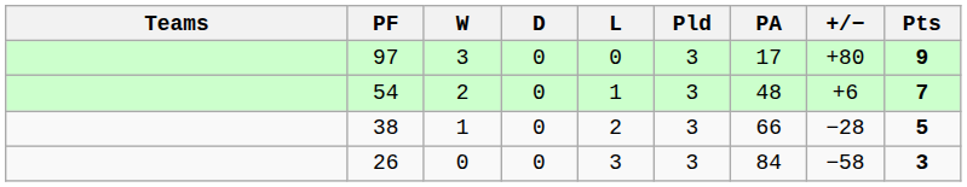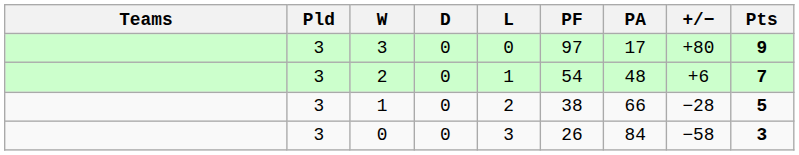 <table class="wikitable" style="text-align: center;">
 <tr>
 <th width="200">Teams</th>
-<th width="40">PF</th>
+<th width="40">Pld</th>
 <th width="40">W</th>
 <th width="40">D</th>
 <th width="40">L</th>
-<th width="40">Pld</th>
+<th width="40">PF</th>
 <th width="40">PA</th>
 <th width="40">+/−</th>
 <th width="40">Pts</th>
 </tr>
 <tr bgcolor=ccffcc>
 <td align=left></td>
-<td>97</td>
+<td>3</td>
 <td>3</td>
 <td>0</td>
 <td>0</td>
-<td>3</td>
+<td>97</td>
 <td>17</td>
 <td>+80</td>
 <td><strong>9</strong></td>
 </tr>
 <tr bgcolor=ccffcc>
 <td align=left></td>
-<td>54</td>
+<td>3</td>
 <td>2</td>
 <td>0</td>
 <td>1</td>
-<td>3</td>
+<td>54</td>
 <td>48</td>
 <td>+6</td>
 <td><strong>7</strong></td>
 </tr>
 <tr>
 <td align=left></td>
-<td>38</td>
+<td>3</td>
 <td>1</td>
 <td>0</td>
 <td>2</td>
-<td>3</td>
+<td>38</td>
 <td>66</td>
 <td>−28</td>
 <td><strong>5</strong></td>
 </tr>
 <tr>
 <td align=left></td>
-<td>26</td>
+<td>3</td>
 <td>0</td>
 <td>0</td>
 <td>3</td>
-<td>3</td>
+<td>26</td>
 <td>84</td>
 <td>−58</td>
 <td><strong>3</strong></td>
 </tr>
 </table>
